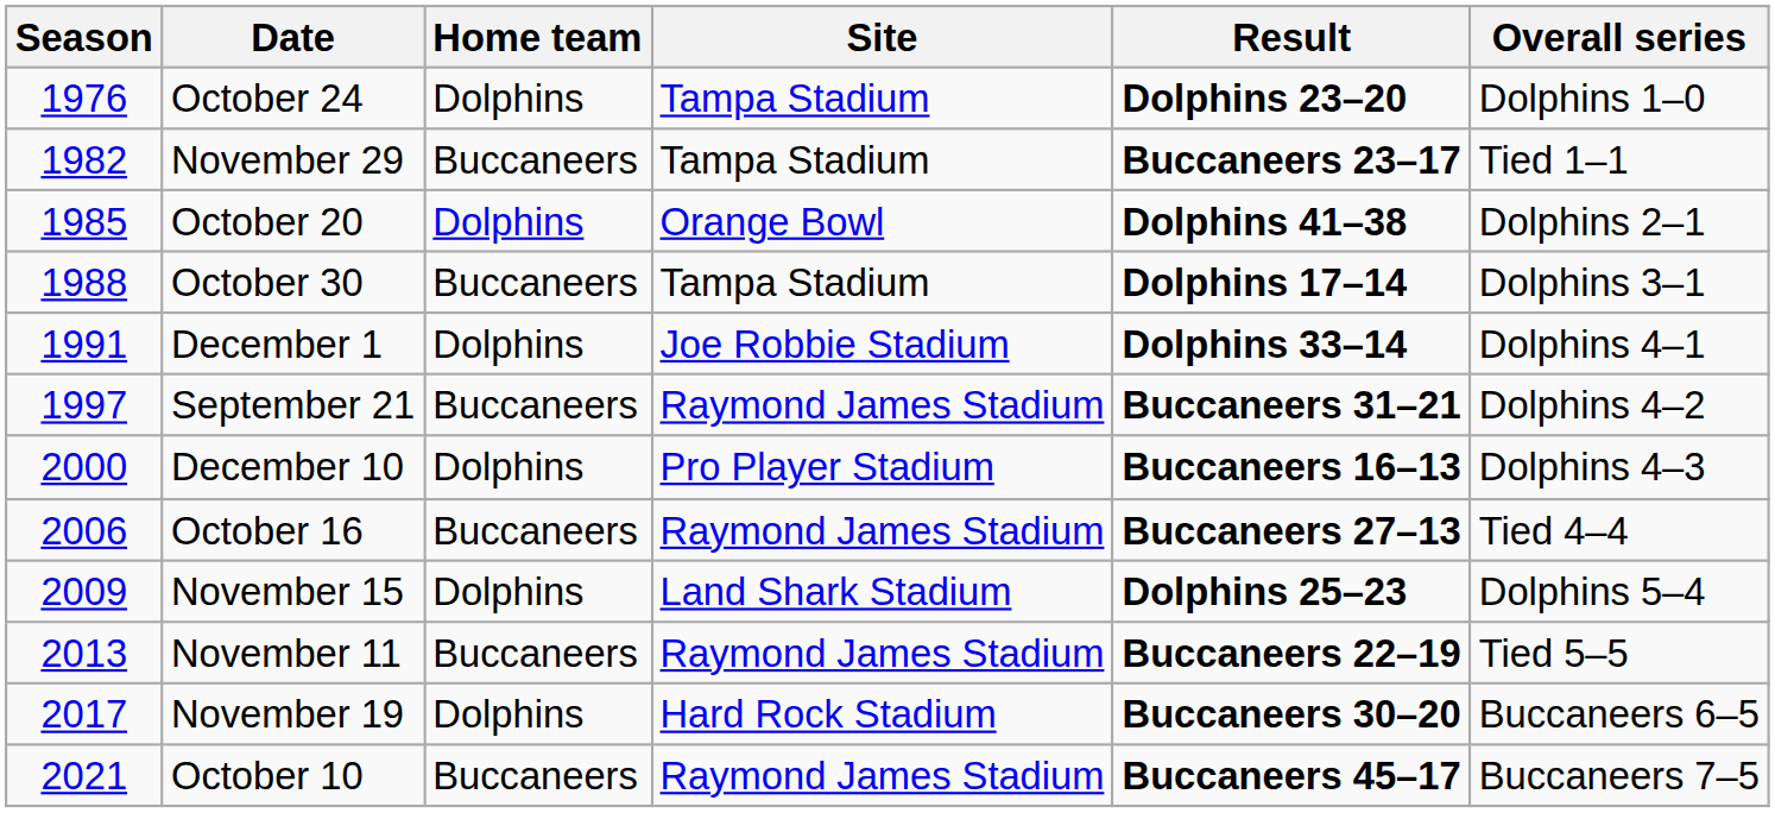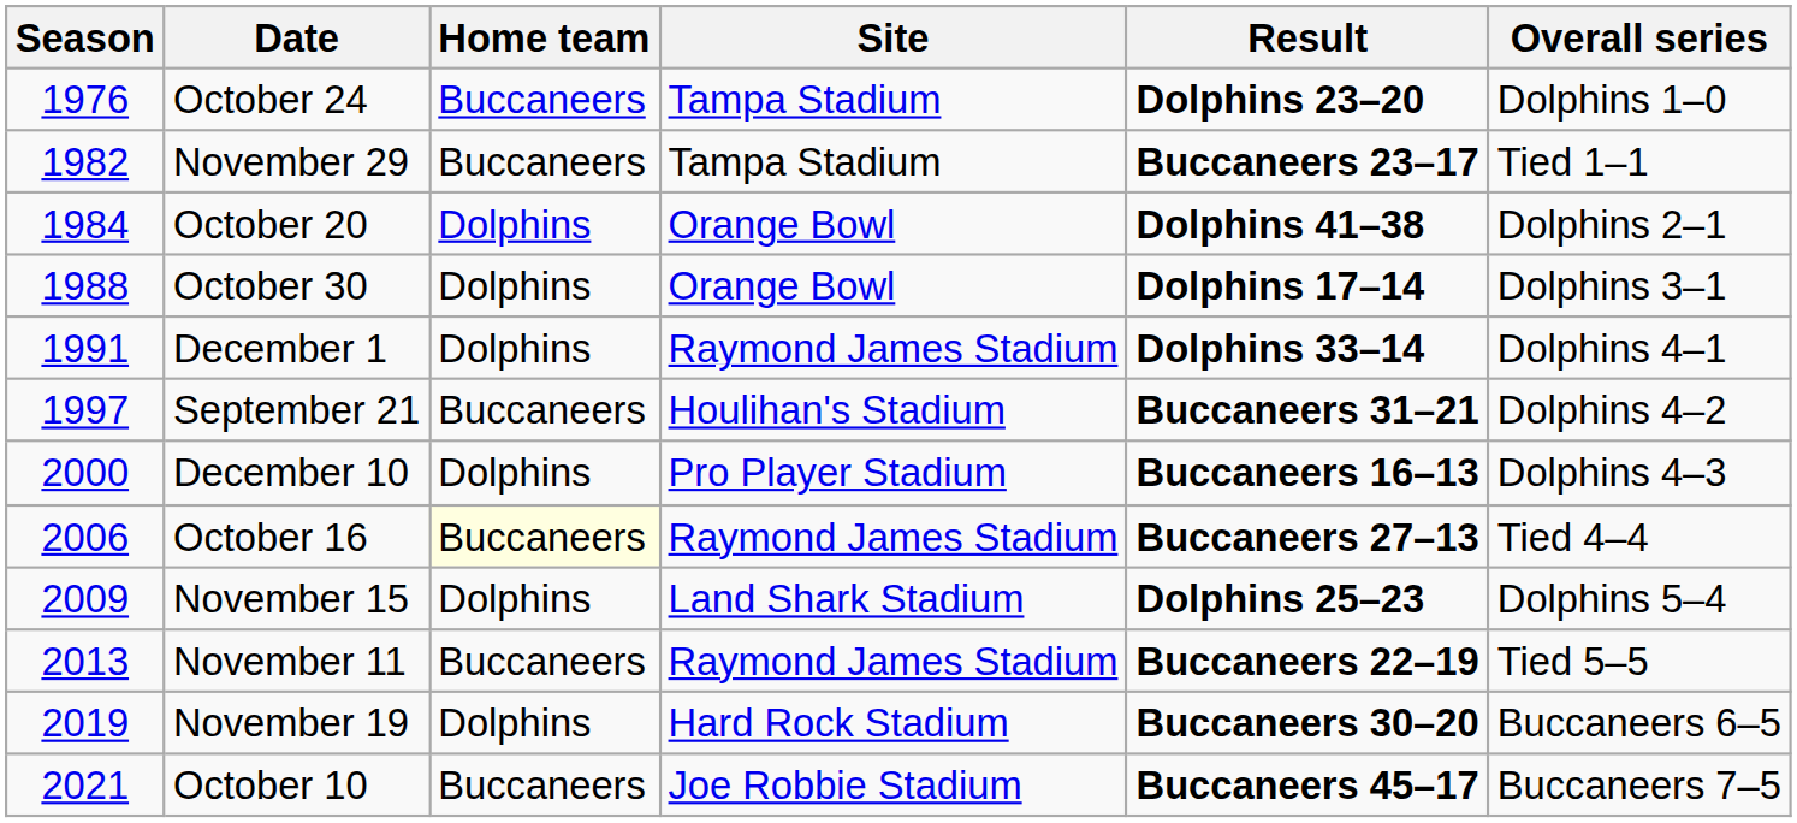 <table class="wikitable" style="font-size: 95%;">
 <tr>
 <th>Season</th>
 <th>Date</th>
 <th>Home team</th>
 <th>Site</th>
 <th>Result</th>
 <th>Overall series</th>
 </tr>
 <tr>
 <td align="center"><a href='#'>1976</a></td>
 <td>October 24</td>
-<td>Dolphins</td>
+<td><a href='#'>Buccaneers</a></td>
 <td><a href='#'>Tampa Stadium</a></td>
 <td><strong>Dolphins 23–20</strong></td>
 <td>Dolphins 1–0</td>
 </tr>
 <tr>
 <td align="center"><a href='#'>1982</a></td>
 <td>November 29</td>
 <td>Buccaneers</td>
 <td>Tampa Stadium</td>
 <td><strong>Buccaneers 23–17</strong></td>
 <td>Tied 1–1</td>
 </tr>
 <tr>
-<td align="center"><a href='#'>1985</a></td>
+<td align="center"><a href='#'>1984</a></td>
 <td>October 20</td>
 <td><a href='#'>Dolphins</a></td>
 <td><a href='#'>Orange Bowl</a></td>
 <td><strong>Dolphins 41–38</strong></td>
 <td>Dolphins 2–1</td>
 </tr>
 <tr>
 <td align="center"><a href='#'>1988</a></td>
 <td>October 30</td>
-<td>Buccaneers</td>
-<td>Tampa Stadium</td>
+<td>Dolphins</td>
+<td><a href='#'>Orange Bowl</a></td>
 <td><strong>Dolphins 17–14</strong></td>
 <td>Dolphins 3–1</td>
 </tr>
 <tr>
 <td align="center"><a href='#'>1991</a></td>
 <td>December 1</td>
 <td>Dolphins</td>
-<td><a href='#'>Joe Robbie Stadium</a></td>
+<td><a href='#'>Raymond James Stadium</a></td>
 <td><strong>Dolphins 33–14</strong></td>
 <td>Dolphins 4–1</td>
 </tr>
 <tr>
 <td align="center"><a href='#'>1997</a></td>
 <td>September 21</td>
 <td>Buccaneers</td>
-<td><a href='#'>Raymond James Stadium</a></td>
+<td><a href='#'>Houlihan's Stadium</a></td>
 <td><strong>Buccaneers 31–21</strong></td>
 <td>Dolphins 4–2</td>
 </tr>
 <tr>
 <td align="center"><a href='#'>2000</a></td>
 <td>December 10</td>
 <td>Dolphins</td>
 <td><a href='#'>Pro Player Stadium</a></td>
 <td><strong>Buccaneers 16–13</strong></td>
 <td>Dolphins 4–3</td>
 </tr>
 <tr>
 <td align="center"><a href='#'>2006</a></td>
 <td>October 16</td>
-<td>Buccaneers</td>
+<td style="background: lightyellow;">Buccaneers</td>
 <td><a href='#'>Raymond James Stadium</a></td>
 <td><strong>Buccaneers 27–13</strong></td>
 <td>Tied 4–4</td>
 </tr>
 <tr>
 <td align="center"><a href='#'>2009</a></td>
 <td>November 15</td>
 <td>Dolphins</td>
 <td><a href='#'>Land Shark Stadium</a></td>
 <td><strong>Dolphins 25–23</strong></td>
 <td>Dolphins 5–4</td>
 </tr>
 <tr>
 <td align="center"><a href='#'>2013</a></td>
 <td>November 11</td>
 <td>Buccaneers</td>
 <td><a href='#'>Raymond James Stadium</a></td>
 <td><strong>Buccaneers 22–19</strong></td>
 <td>Tied 5–5</td>
 </tr>
 <tr>
-<td align="center"><a href='#'>2017</a></td>
+<td align="center"><a href='#'>2019</a></td>
 <td>November 19</td>
 <td>Dolphins</td>
 <td><a href='#'>Hard Rock Stadium</a></td>
 <td><strong>Buccaneers 30–20</strong></td>
 <td>Buccaneers 6–5</td>
 </tr>
 <tr>
 <td align="center"><a href='#'>2021</a></td>
 <td>October 10</td>
 <td>Buccaneers</td>
-<td><a href='#'>Raymond James Stadium</a></td>
+<td><a href='#'>Joe Robbie Stadium</a></td>
 <td><strong>Buccaneers 45–17 </strong></td>
 <td>Buccaneers 7–5</td>
 </tr>
 </table>
